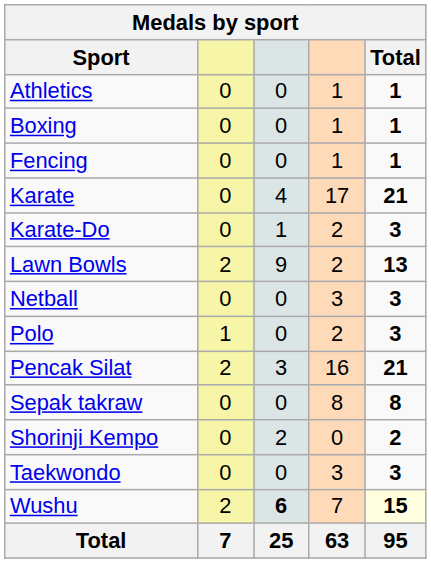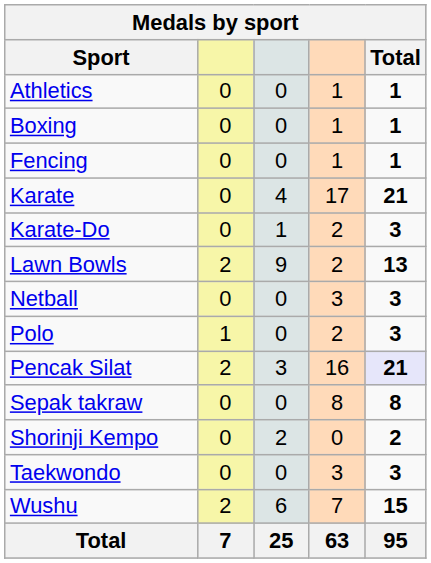 <table class="wikitable" style="font-size:90%; text-align:center;">
 <tr>
 <th colspan=5>Medals by sport</th>
 </tr>
 <tr>
 <th width=120>Sport</th>
 <th scope="col" width=30 style="background:#F7F6A8;"></th>
 <th scope="col" width=30 style="background:#DCE5E5;"></th>
 <th scope="col" width=30 style="background:#FFDAB9;"></th>
 <th width=30>Total</th>
 </tr>
 <tr>
 <td align=left><a href='#'>Athletics</a></td>
 <td style="background:#F7F6A8;">0</td>
 <td style="background:#DCE5E5;">0</td>
 <td style="background:#FFDAB9;">1</td>
 <td><strong>1</strong></td>
 </tr>
 <tr>
 <td align=left><a href='#'>Boxing</a></td>
 <td style="background:#F7F6A8;">0</td>
 <td style="background:#DCE5E5;">0</td>
 <td style="background:#FFDAB9;">1</td>
 <td><strong>1</strong></td>
 </tr>
 <tr>
 <td align=left><a href='#'>Fencing</a></td>
 <td style="background:#F7F6A8;">0</td>
 <td style="background:#DCE5E5;">0</td>
 <td style="background:#FFDAB9;">1</td>
 <td><strong>1</strong></td>
 </tr>
 <tr>
 <td align=left><a href='#'>Karate</a></td>
 <td style="background:#F7F6A8;">0</td>
 <td style="background:#DCE5E5;">4</td>
 <td style="background:#FFDAB9;">17</td>
 <td><strong>21</strong></td>
 </tr>
 <tr>
 <td align=left><a href='#'>Karate-Do</a></td>
 <td style="background:#F7F6A8;">0</td>
 <td style="background:#DCE5E5;">1</td>
 <td style="background:#FFDAB9;">2</td>
 <td><strong>3</strong></td>
 </tr>
 <tr>
 <td align=left><a href='#'>Lawn Bowls</a></td>
 <td style="background:#F7F6A8;">2</td>
 <td style="background:#DCE5E5;">9</td>
 <td style="background:#FFDAB9;">2</td>
 <td><strong>13</strong></td>
 </tr>
 <tr>
 <td align=left><a href='#'>Netball</a></td>
 <td style="background:#F7F6A8;">0</td>
 <td style="background:#DCE5E5;">0</td>
 <td style="background:#FFDAB9;">3</td>
 <td><strong>3</strong></td>
 </tr>
 <tr>
 <td align=left><a href='#'>Polo</a></td>
 <td style="background:#F7F6A8;">1</td>
 <td style="background:#DCE5E5;">0</td>
 <td style="background:#FFDAB9;">2</td>
 <td><strong>3</strong></td>
 </tr>
 <tr>
 <td align=left><a href='#'>Pencak Silat</a></td>
 <td style="background:#F7F6A8;">2</td>
 <td style="background:#DCE5E5;">3</td>
 <td style="background:#FFDAB9;">16</td>
-<td><strong>21</strong></td>
+<td style="background: lavender;"><strong>21</strong></td>
 </tr>
 <tr>
 <td align=left><a href='#'>Sepak takraw</a></td>
 <td style="background:#F7F6A8;">0</td>
 <td style="background:#DCE5E5;">0</td>
 <td style="background:#FFDAB9;">8</td>
 <td><strong>8</strong></td>
 </tr>
 <tr>
 <td align=left><a href='#'>Shorinji Kempo</a></td>
 <td style="background:#F7F6A8;">0</td>
 <td style="background:#DCE5E5;">2</td>
 <td style="background:#FFDAB9;">0</td>
 <td><strong>2</strong></td>
 </tr>
 <tr>
 <td align=left><a href='#'>Taekwondo</a></td>
 <td style="background:#F7F6A8;">0</td>
 <td style="background:#DCE5E5;">0</td>
 <td style="background:#FFDAB9;">3</td>
 <td><strong>3</strong></td>
 </tr>
 <tr>
 <td align=left><a href='#'>Wushu</a></td>
 <td style="background:#F7F6A8;">2</td>
-<td style="background:#DCE5E5;"><strong>6</strong></td>
+<td style="background:#DCE5E5;">6</td>
 <td style="background:#FFDAB9;">7</td>
-<td style="background: lightyellow;"><strong>15</strong></td>
+<td><strong>15</strong></td>
 </tr>
 <tr class="sortbottom">
 <th>Total</th>
 <th>7</th>
 <th>25</th>
 <th>63</th>
 <th>95</th>
 </tr>
 </table>
